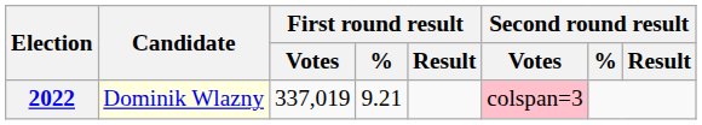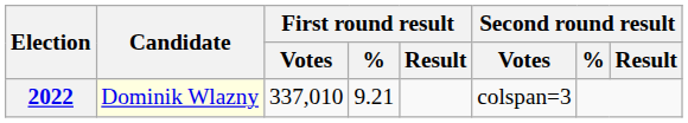 <table class="wikitable" style="font-size:97%;">
 <tr>
 <th rowspan="2">Election</th>
 <th rowspan="2">Candidate</th>
 <th colspan=3>First round result</th>
 <th colspan=3>Second round result</th>
 </tr>
 <tr>
 <th>Votes</th>
 <th>%</th>
 <th>Result</th>
 <th>Votes</th>
 <th>%</th>
 <th>Result</th>
 </tr>
 <tr>
 <th><a href='#'>2022</a></th>
 <td style="background: lightyellow;"><a href='#'>Dominik Wlazny</a></td>
-<td>337,019</td>
+<td>337,010</td>
 <td>9.21</td>
 <td></td>
-<td style="background: pink;">colspan=3 </td>
+<td>colspan=3 </td>
 </tr>
 </table>
